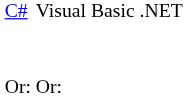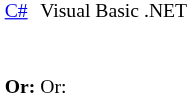 <table>
 <tr>
 <td><a href='#'>C#</a></td>
 <td>Visual Basic .NET</td>
 </tr>
 <tr>
 <td><br></td>
 <td><br></td>
 </tr>
 <tr>
-<td><br> Or: </td>
+<td><strong><br> Or: </strong></td>
 <td><br> Or: </td>
 <td></td>
 </tr>
 <tr>
 <td><br></td>
 <td><br></td>
 <td></td>
 </tr>
 <tr>
 <td><br></td>
 <td><br></td>
 </tr>
 <tr>
 <td></td>
 </tr>
 </table>
